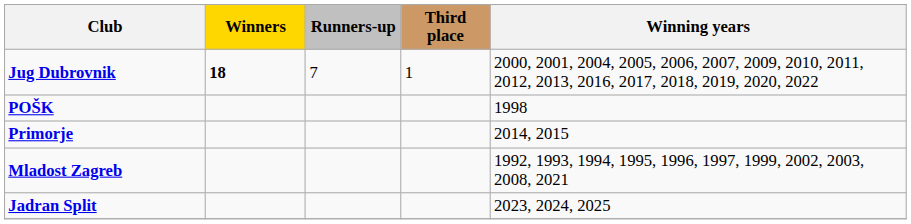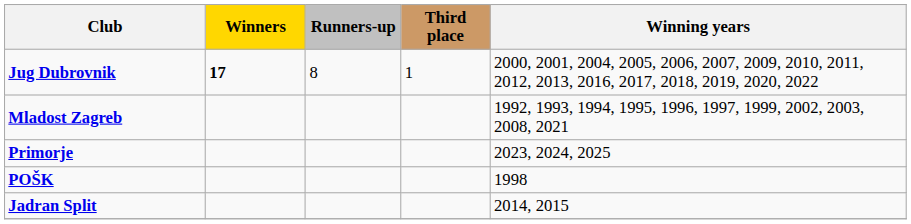 <table class="wikitable">
 <tr>
 <th width=190>Club</th>
 <th width=90; style="background:gold">Winners</th>
 <th width=85; style="background:silver">Runners-up</th>
 <th width=80; style="background:#cc9966">Third place</th>
 <th width=405>Winning years</th>
 </tr>
 <tr>
 <td><strong><a href='#'>Jug Dubrovnik</a></strong> </td>
-<td><div> <strong>18</strong></div></td>
-<td><div> 7</div></td>
+<td><div> <strong>17</strong></div></td>
+<td><div> 8</div></td>
 <td><div> 1</div></td>
 <td>2000, 2001, 2004, 2005, 2006, 2007, 2009, 2010, 2011, 2012, 2013, 2016, 2017, 2018, 2019, 2020, 2022</td>
+</tr>
+<tr>
+<td><strong><a href='#'>Mladost Zagreb</a></strong> </td>
+<td></td>
+<td></td>
+<td></td>
+<td>1992, 1993, 1994, 1995, 1996, 1997, 1999, 2002, 2003, 2008, 2021</td>
+</tr>
+<tr>
+<td><strong><a href='#'>Primorje</a></strong></td>
+<td></td>
+<td></td>
+<td></td>
+<td>2023, 2024, 2025</td>
 </tr>
 <tr>
 <td><strong><a href='#'>POŠK</a></strong></td>
 <td></td>
 <td></td>
 <td></td>
 <td>1998</td>
 </tr>
 <tr>
-<td><strong><a href='#'>Primorje</a></strong></td>
+<td><strong><a href='#'>Jadran Split</a></strong></td>
 <td></td>
 <td></td>
 <td></td>
 <td>2014, 2015</td>
 </tr>
 <tr>
-<td><strong><a href='#'>Mladost Zagreb</a></strong> </td>
-<td></td>
-<td></td>
-<td></td>
-<td>1992, 1993, 1994, 1995, 1996, 1997, 1999, 2002, 2003, 2008, 2021</td>
-</tr>
-<tr>
-<td><strong><a href='#'>Jadran Split</a></strong></td>
-<td></td>
-<td></td>
-<td></td>
-<td>2023, 2024, 2025</td>
-</tr>
-<tr>
 </tr>
 </table>
